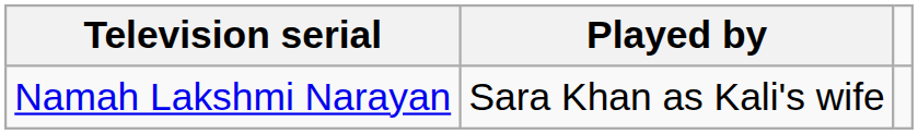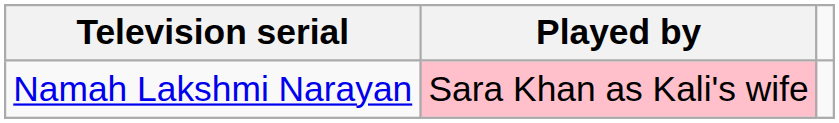 <table class="wikitable sortable">
 <tr>
 <th>Television serial</th>
 <th>Played by</th>
 </tr>
 <tr>
 <td><a href='#'>Namah Lakshmi Narayan</a></td>
-<td>Sara Khan as  Kali's wife</td>
+<td style="background: pink;">Sara Khan as  Kali's wife</td>
 <td></td>
 </tr>
 </table>
